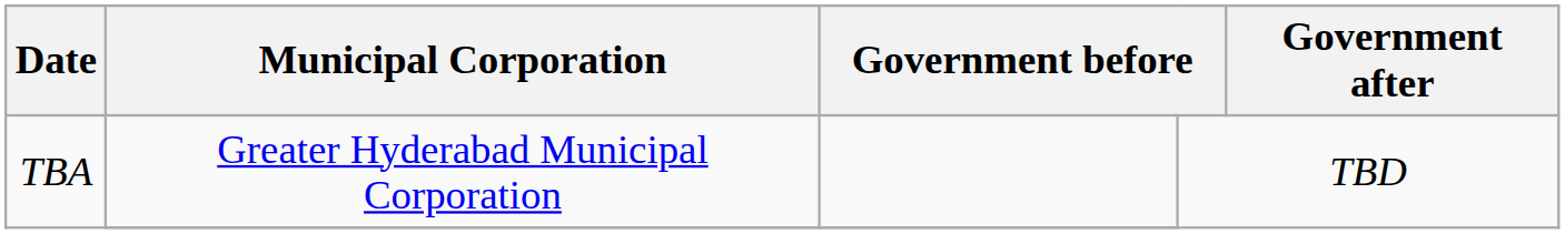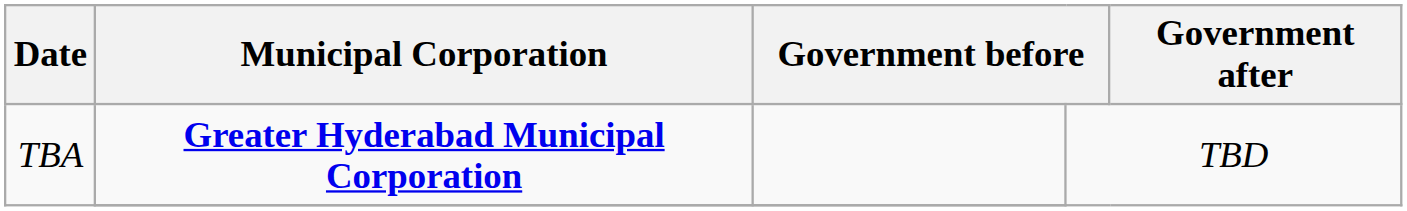 <table class="wikitable sortable"style="text-align:center;">
 <tr>
 <th>Date</th>
 <th>Municipal Corporation</th>
 <th colspan=2>Government before</th>
 <th colspan=2>Government after</th>
 </tr>
 <tr>
 <td rowspan="2"><em>TBA</em></td>
-<td><a href='#'>Greater Hyderabad Municipal Corporation</a></td>
+<td><strong><a href='#'>Greater Hyderabad Municipal Corporation</a></strong></td>
 <td></td>
 <td colspan="2" rowspan="2"><em>TBD</em></td>
 </tr>
 <tr>
 </tr>
 </table>
